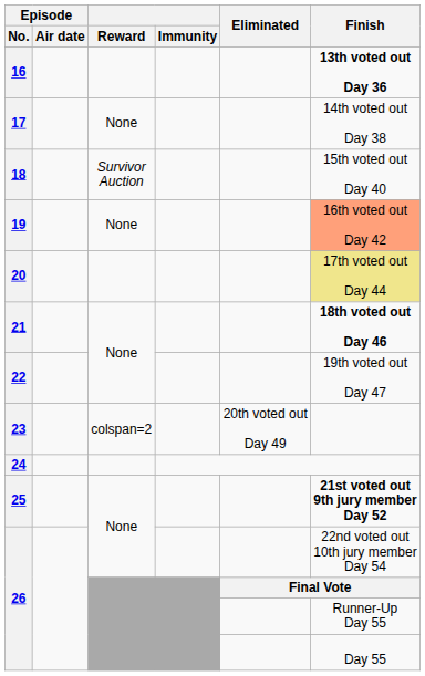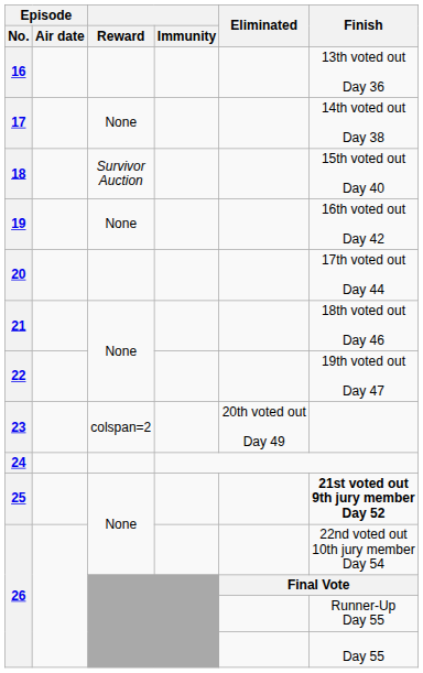 <table class="wikitable nowrap" style="text-align:center; font-size:100%">
 <tr>
 <th colspan="2"><strong>Episode</strong></th>
 <th colspan="2"></th>
 <th rowspan="2"><strong>Eliminated</strong></th>
 <th rowspan="2"><strong>Finish</strong></th>
 </tr>
 <tr>
 <th><strong>No.</strong></th>
 <th><strong>Air date</strong></th>
 <th><strong>Reward</strong></th>
 <th><strong>Immunity</strong></th>
 </tr>
 <tr>
 <th><a href='#'>16</a></th>
 <td></td>
 <td></td>
 <td></td>
 <td></td>
-<td><strong>13th voted out<br><br>Day 36</strong></td>
+<td>13th voted out<br><br>Day 36</td>
 </tr>
 <tr>
 <th><a href='#'>17</a></th>
 <td></td>
 <td>None</td>
 <td></td>
 <td></td>
 <td>14th voted out<br><br>Day 38</td>
 </tr>
 <tr>
 <th><a href='#'>18</a></th>
 <td></td>
 <td><em>Survivor<br>Auction</em></td>
 <td></td>
 <td></td>
 <td>15th voted out<br><br>Day 40</td>
 </tr>
 <tr>
 <th><a href='#'>19</a></th>
 <td></td>
 <td>None</td>
 <td></td>
 <td></td>
-<td style="background: lightsalmon;">16th voted out<br><br>Day 42</td>
+<td>16th voted out<br><br>Day 42</td>
 </tr>
 <tr>
 <th><a href='#'>20</a></th>
 <td></td>
 <td></td>
 <td></td>
 <td></td>
-<td style="background: khaki;">17th voted out<br><br>Day 44</td>
+<td>17th voted out<br><br>Day 44</td>
 </tr>
 <tr>
 <th><a href='#'>21</a></th>
 <td></td>
 <td rowspan=2>None</td>
 <td></td>
 <td></td>
-<td><strong>18th voted out<br><br>Day 46</strong></td>
+<td>18th voted out<br><br>Day 46</td>
 </tr>
 <tr>
 <th><a href='#'>22</a></th>
 <td></td>
 <td></td>
 <td></td>
 <td>19th voted out<br><br>Day 47</td>
 </tr>
 <tr>
 <th><a href='#'>23</a></th>
 <td></td>
 <td>colspan=2 </td>
 <td></td>
 <td>20th voted out<br><br>Day 49</td>
 </tr>
 <tr>
 <th><a href='#'>24</a></th>
 <td></td>
 <td></td>
 <td colspan="3"><small><em></em></small></td>
 </tr>
 <tr>
 <th><a href='#'>25</a></th>
 <td></td>
 <td rowspan=2>None</td>
 <td></td>
 <td></td>
 <td><strong>21st voted out<br>9th jury member<br>Day 52</strong></td>
 </tr>
 <tr>
 <th rowspan="4"><a href='#'>26</a></th>
 <td rowspan="4"></td>
 <td></td>
 <td></td>
 <td>22nd voted out<br>10th jury member<br>Day 54</td>
 </tr>
 <tr>
 <td rowspan="3" colspan="2" bgcolor="darkgray"></td>
 <th colspan="2"><strong>Final Vote</strong></th>
 </tr>
 <tr>
 <td></td>
 <td>Runner-Up<br>Day 55</td>
 </tr>
 <tr>
 <td></td>
 <td><br>Day 55</td>
 </tr>
 </table>
